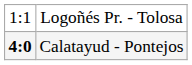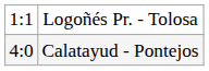 <table class="wikitable">
 <tr align=center bgcolor=white>
 <td>1:1</td>
 <td>Logoñés Pr. - Tolosa</td>
 </tr>
 <tr align=center bgcolor=#F5F5F5>
-<td><strong>4:0</strong></td>
+<td>4:0</td>
 <td>Calatayud - Pontejos</td>
 </tr>
 </table>
